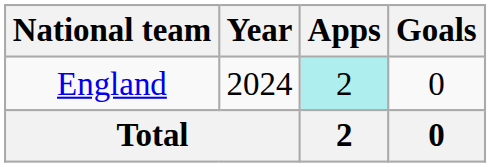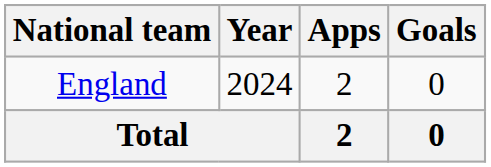 <table class="wikitable" style="text-align: center;">
 <tr>
 <th>National team</th>
 <th>Year</th>
 <th>Apps</th>
 <th>Goals</th>
 </tr>
 <tr>
 <td rowspan="1"><a href='#'>England</a></td>
 <td>2024</td>
-<td style="background: paleturquoise;">2</td>
+<td>2</td>
 <td>0</td>
 </tr>
 <tr>
 <th colspan="2">Total</th>
 <th>2</th>
 <th>0</th>
 </tr>
 </table>
